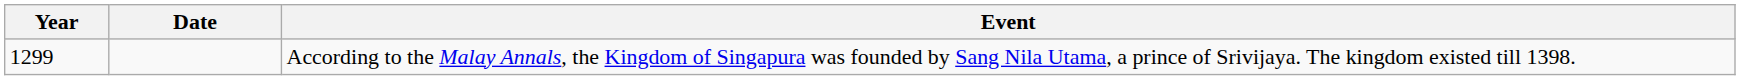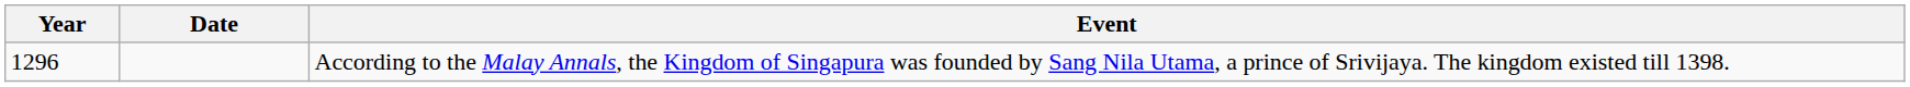 <table class=wikitable style=width:100%>
 <tr>
 <th style=width:6%>Year</th>
 <th style=width:10%>Date</th>
 <th>Event</th>
 </tr>
 <tr>
-<td>1299</td>
+<td>1296</td>
 <td></td>
 <td>According to the <em><a href='#'>Malay Annals</a></em>, the <a href='#'>Kingdom of Singapura</a> was founded by <a href='#'>Sang Nila Utama</a>, a prince of Srivijaya. The kingdom existed till 1398.</td>
 </tr>
 </table>
